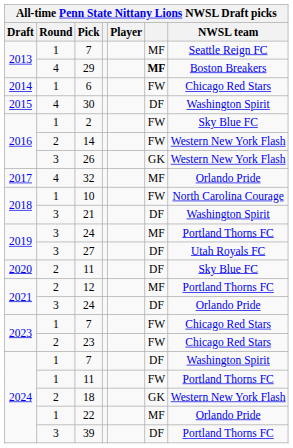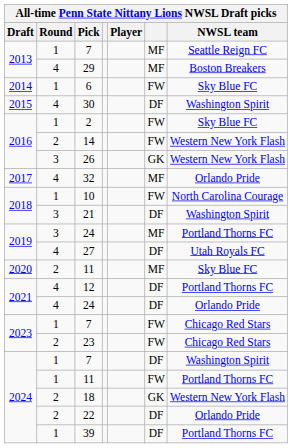 <table class="wikitable sortable" style="text-align: center;">
 <tr>
 <th colspan="7" style="background:#">All-time <a href='#'><span>Penn State Nittany Lions</span></a> NWSL Draft picks</th>
 </tr>
 <tr>
 <th scope="col">Draft</th>
 <th scope="col">Round</th>
 <th scope="col">Pick</th>
 <th scope="col"></th>
 <th scope="col">Player</th>
 <th scope="col"></th>
 <th scope="col">NWSL team</th>
 </tr>
 <tr>
 <td rowspan="2"><a href='#'>2013</a></td>
 <td>1</td>
 <td>7</td>
 <td></td>
 <td></td>
 <td>MF</td>
 <td><a href='#'>Seattle Reign FC</a></td>
 </tr>
 <tr>
 <td>4</td>
 <td>29</td>
 <td></td>
 <td></td>
-<td><strong>MF</strong></td>
+<td>MF</td>
 <td><a href='#'>Boston Breakers</a></td>
 </tr>
 <tr>
 <td><a href='#'>2014</a></td>
 <td>1</td>
 <td>6</td>
 <td></td>
 <td></td>
 <td>FW</td>
-<td><a href='#'>Chicago Red Stars</a></td>
+<td><a href='#'>Sky Blue FC</a></td>
 </tr>
 <tr>
 <td><a href='#'>2015</a></td>
 <td>4</td>
 <td>30</td>
 <td></td>
 <td></td>
 <td>DF</td>
 <td><a href='#'>Washington Spirit</a></td>
 </tr>
 <tr>
 <td rowspan="3"><a href='#'>2016</a></td>
 <td>1</td>
 <td>2</td>
 <td></td>
 <td></td>
 <td>FW</td>
 <td><a href='#'>Sky Blue FC</a></td>
 </tr>
 <tr>
 <td>2</td>
 <td>14</td>
 <td></td>
 <td></td>
 <td>FW</td>
 <td><a href='#'>Western New York Flash</a></td>
 </tr>
 <tr>
 <td>3</td>
 <td>26</td>
 <td></td>
 <td></td>
 <td>GK</td>
 <td><a href='#'>Western New York Flash</a></td>
 </tr>
 <tr>
 <td><a href='#'>2017</a></td>
 <td>4</td>
 <td>32</td>
 <td></td>
 <td></td>
 <td>MF</td>
 <td><a href='#'>Orlando Pride</a></td>
 </tr>
 <tr>
 <td rowspan="2"><a href='#'>2018</a></td>
 <td>1</td>
 <td>10</td>
 <td></td>
 <td></td>
 <td>FW</td>
 <td><a href='#'>North Carolina Courage</a></td>
 </tr>
 <tr>
 <td>3</td>
 <td>21</td>
 <td></td>
 <td></td>
 <td>DF</td>
 <td><a href='#'>Washington Spirit</a></td>
 </tr>
 <tr>
 <td rowspan="2"><a href='#'>2019</a></td>
 <td>3</td>
 <td>24</td>
 <td></td>
 <td></td>
 <td>MF</td>
 <td><a href='#'>Portland Thorns FC</a></td>
 </tr>
 <tr>
-<td>3</td>
+<td>4</td>
 <td>27</td>
 <td></td>
 <td></td>
 <td>DF</td>
 <td><a href='#'>Utah Royals FC</a></td>
 </tr>
 <tr>
 <td><a href='#'>2020</a></td>
 <td>2</td>
 <td>11</td>
 <td></td>
 <td></td>
-<td>DF</td>
+<td>MF</td>
 <td><a href='#'>Sky Blue FC</a></td>
 </tr>
 <tr>
 <td rowspan="2"><a href='#'>2021</a></td>
-<td>2</td>
+<td>4</td>
 <td>12</td>
 <td></td>
 <td></td>
-<td>MF</td>
+<td>DF</td>
 <td><a href='#'>Portland Thorns FC</a></td>
 </tr>
 <tr>
-<td>3</td>
+<td>4</td>
 <td>24</td>
 <td></td>
 <td></td>
 <td>DF</td>
 <td><a href='#'>Orlando Pride</a></td>
 </tr>
 <tr>
 <td rowspan="2"><a href='#'>2023</a></td>
 <td>1</td>
 <td>7</td>
 <td></td>
 <td></td>
 <td>FW</td>
 <td><a href='#'>Chicago Red Stars</a></td>
 </tr>
 <tr>
 <td>2</td>
 <td>23</td>
 <td></td>
 <td></td>
 <td>FW</td>
 <td><a href='#'>Chicago Red Stars</a></td>
 </tr>
 <tr>
 <td rowspan="5"><a href='#'>2024</a></td>
 <td>1</td>
 <td>7</td>
 <td></td>
 <td></td>
 <td>DF</td>
 <td><a href='#'>Washington Spirit</a></td>
 </tr>
 <tr>
 <td>1</td>
 <td>11</td>
 <td></td>
 <td></td>
 <td>FW</td>
 <td><a href='#'>Portland Thorns FC</a></td>
 </tr>
 <tr>
 <td>2</td>
 <td>18</td>
 <td></td>
 <td></td>
 <td>GK</td>
 <td><a href='#'>Western New York Flash</a></td>
 </tr>
 <tr>
-<td>1</td>
+<td>2</td>
 <td>22</td>
 <td></td>
 <td></td>
-<td>MF</td>
+<td>DF</td>
 <td><a href='#'>Orlando Pride</a></td>
 </tr>
 <tr>
-<td>3</td>
+<td>1</td>
 <td>39</td>
 <td></td>
 <td></td>
 <td>DF</td>
 <td><a href='#'>Portland Thorns FC</a></td>
 </tr>
 </table>
